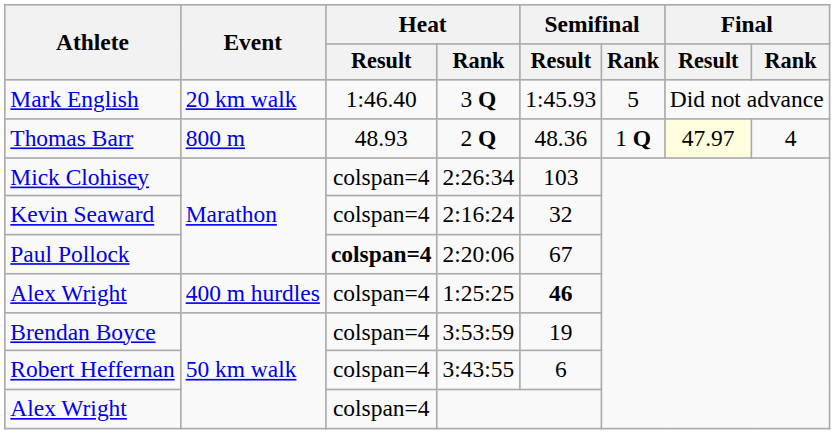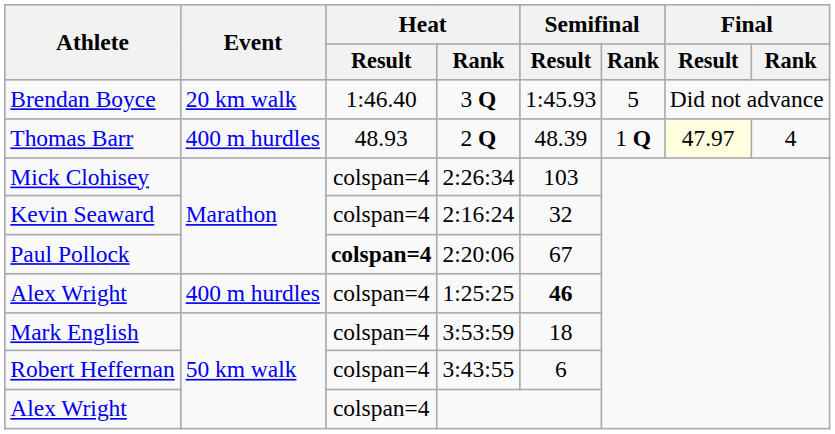 <table class="wikitable" style="font-size:90%">
 <tr>
 <th rowspan="2">Athlete</th>
 <th rowspan="2">Event</th>
 <th colspan="2">Heat</th>
 <th colspan="2">Semifinal</th>
 <th colspan="2">Final</th>
 </tr>
 <tr style="font-size:95%">
 <th>Result</th>
 <th>Rank</th>
 <th>Result</th>
 <th>Rank</th>
 <th>Result</th>
 <th>Rank</th>
 </tr>
 <tr align=center>
-<td align=left><a href='#'>Mark English</a></td>
+<td align=left><a href='#'>Brendan Boyce</a></td>
 <td align=left><a href='#'>20 km walk</a></td>
 <td>1:46.40</td>
 <td>3 <strong>Q</strong></td>
 <td>1:45.93</td>
 <td>5</td>
 <td colspan=2>Did not advance</td>
 </tr>
 <tr align=center>
 <td align=left><a href='#'>Thomas Barr</a></td>
-<td align=left><a href='#'>800 m</a></td>
+<td align=left><a href='#'>400 m hurdles</a></td>
 <td>48.93</td>
 <td>2 <strong>Q</strong></td>
-<td>48.36</td>
+<td>48.39</td>
 <td>1 <strong>Q</strong></td>
 <td style="background: lightyellow;">47.97</td>
 <td>4</td>
 </tr>
 <tr align=center>
 <td align=left><a href='#'>Mick Clohisey</a></td>
 <td align=left rowspan=3><a href='#'>Marathon</a></td>
 <td>colspan=4 </td>
 <td>2:26:34</td>
 <td>103</td>
 </tr>
 <tr align=center>
 <td align=left><a href='#'>Kevin Seaward</a></td>
 <td>colspan=4 </td>
 <td>2:16:24</td>
 <td>32</td>
 </tr>
 <tr align=center>
 <td align=left><a href='#'>Paul Pollock</a></td>
 <td><strong>colspan=4 </strong></td>
 <td>2:20:06</td>
 <td>67</td>
 </tr>
 <tr align=center>
 <td align=left><a href='#'>Alex Wright</a></td>
 <td align=left><a href='#'>400 m hurdles</a></td>
 <td>colspan=4 </td>
 <td>1:25:25</td>
 <td><strong>46</strong></td>
 </tr>
 <tr align=center>
-<td align=left><a href='#'>Brendan Boyce</a></td>
+<td align=left><a href='#'>Mark English</a></td>
 <td align=left rowspan=3><a href='#'>50 km walk</a></td>
 <td>colspan=4 </td>
 <td>3:53:59</td>
-<td>19</td>
+<td>18</td>
 </tr>
 <tr align=center>
 <td align=left><a href='#'>Robert Heffernan</a></td>
 <td>colspan=4 </td>
 <td>3:43:55</td>
 <td>6</td>
 </tr>
 <tr align=center>
 <td align=left><a href='#'>Alex Wright</a></td>
 <td>colspan=4 </td>
 <td colspan=2></td>
 </tr>
 </table>
